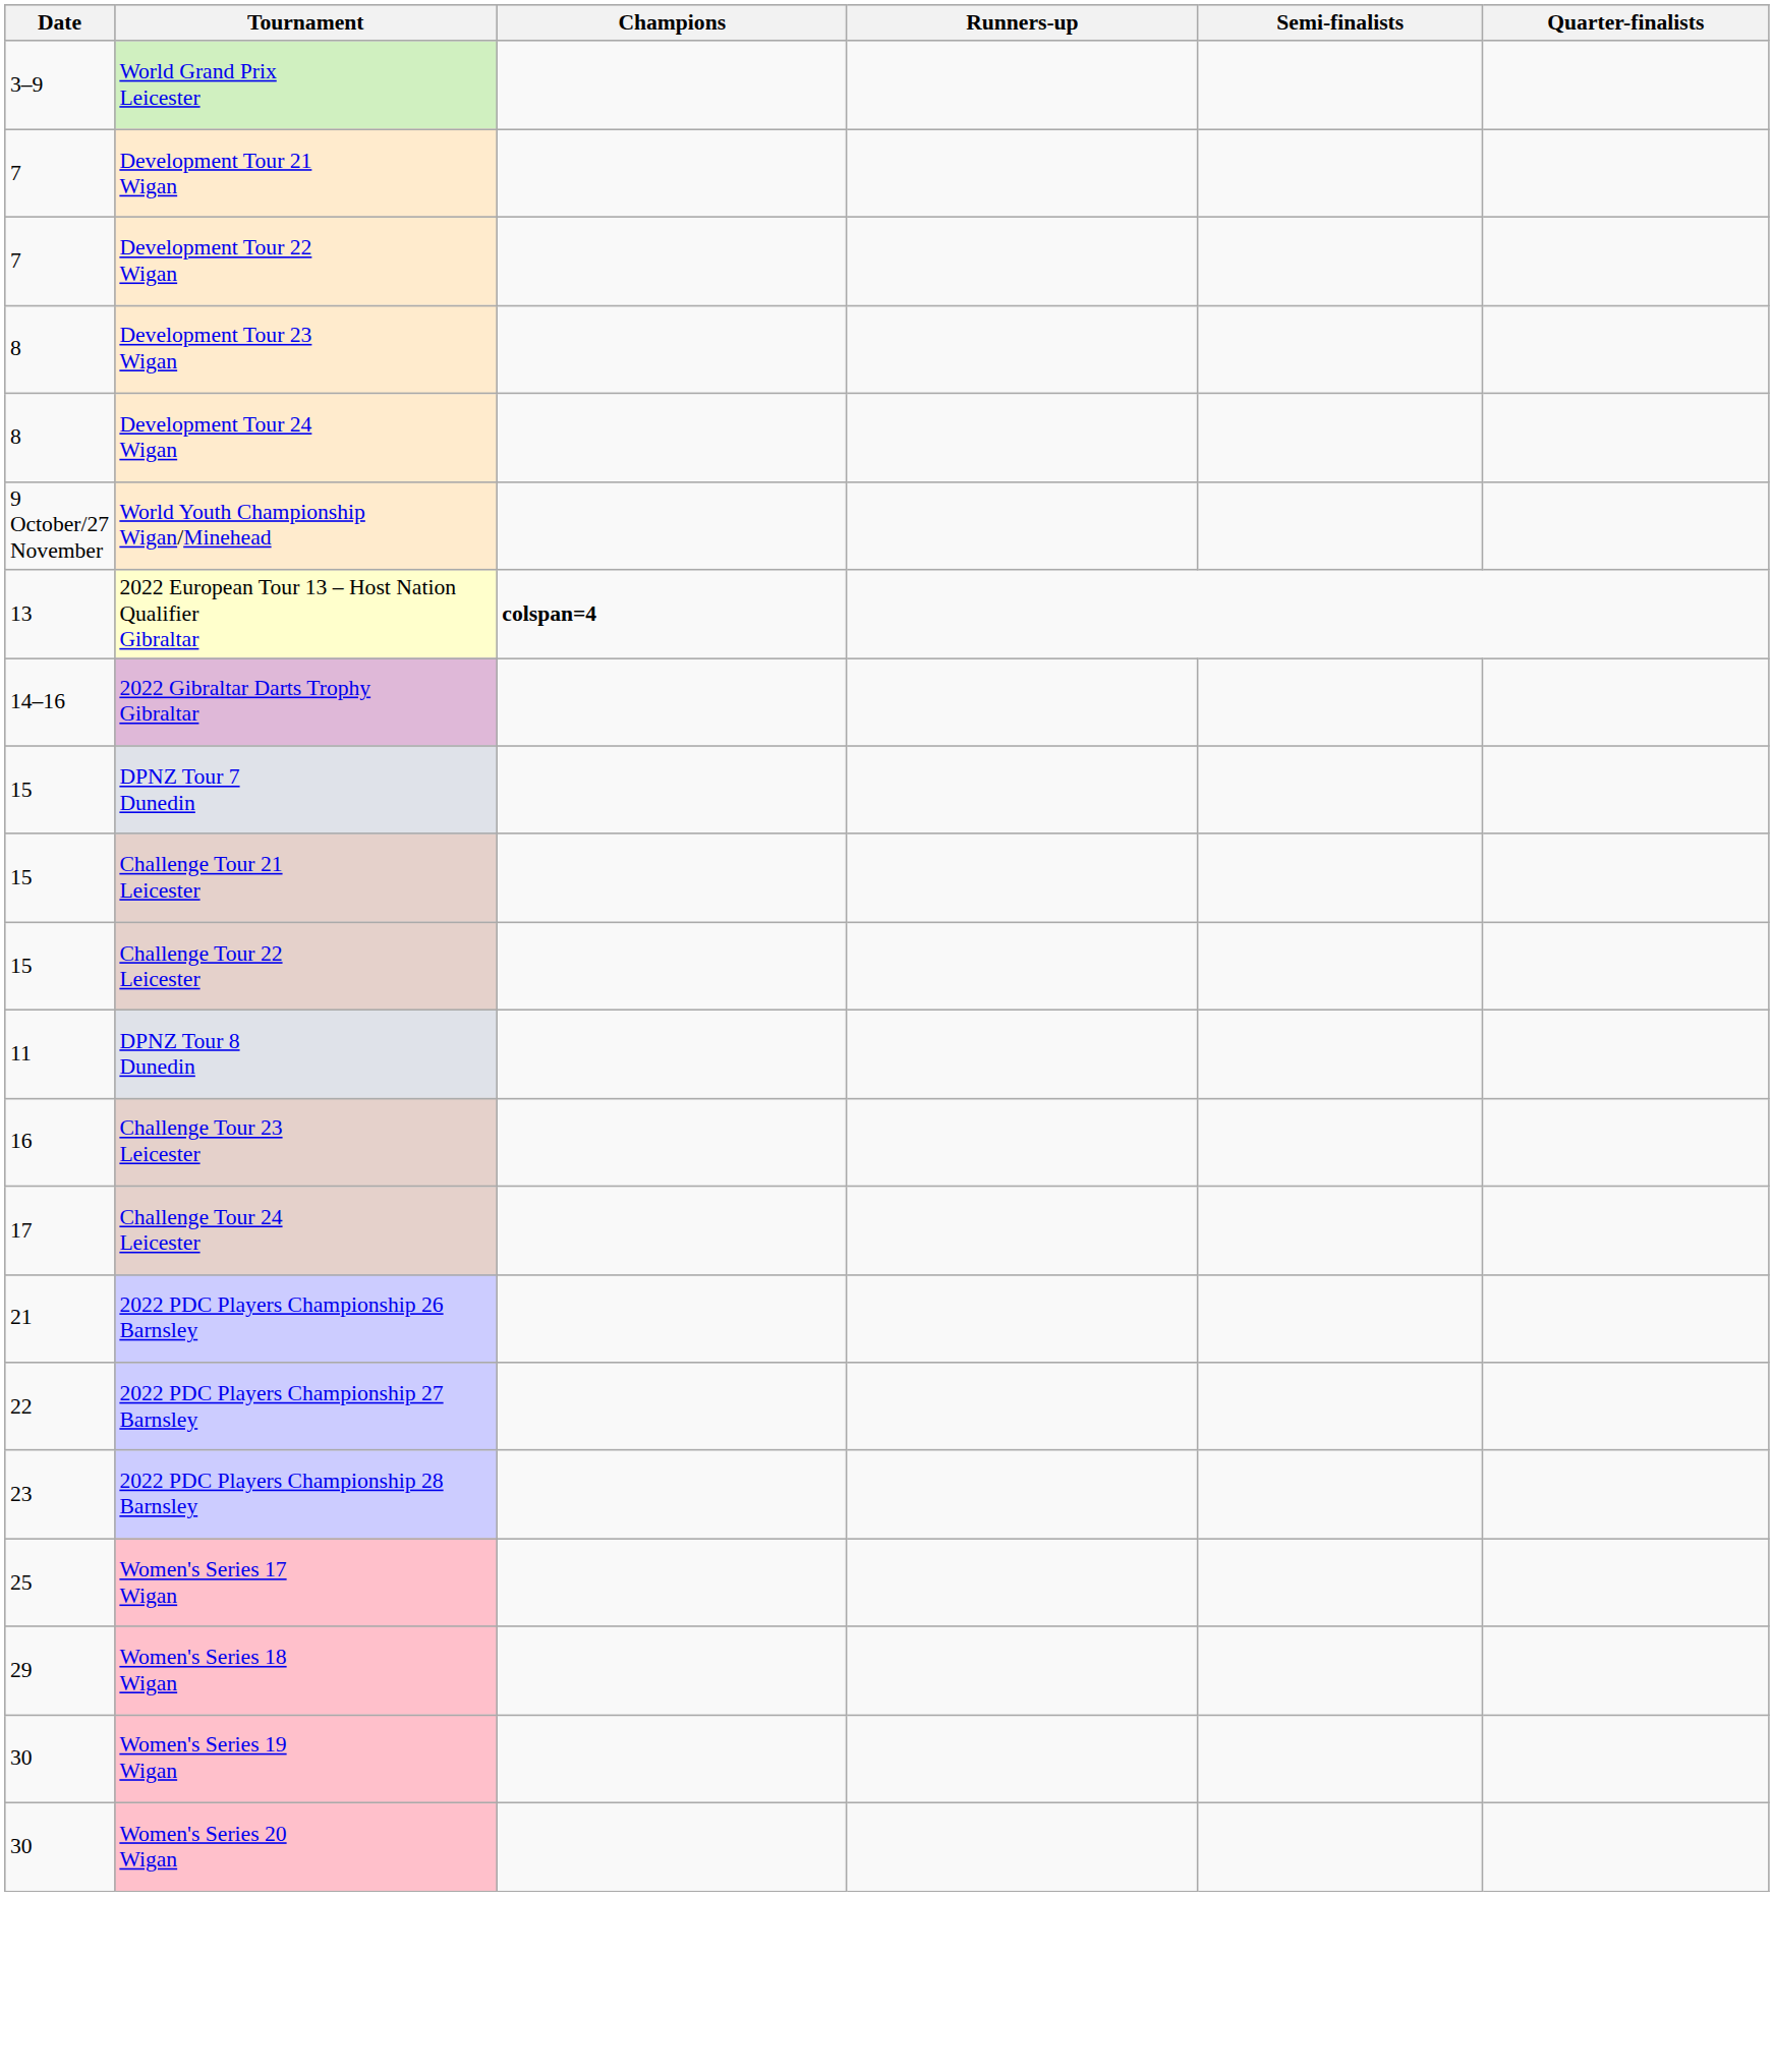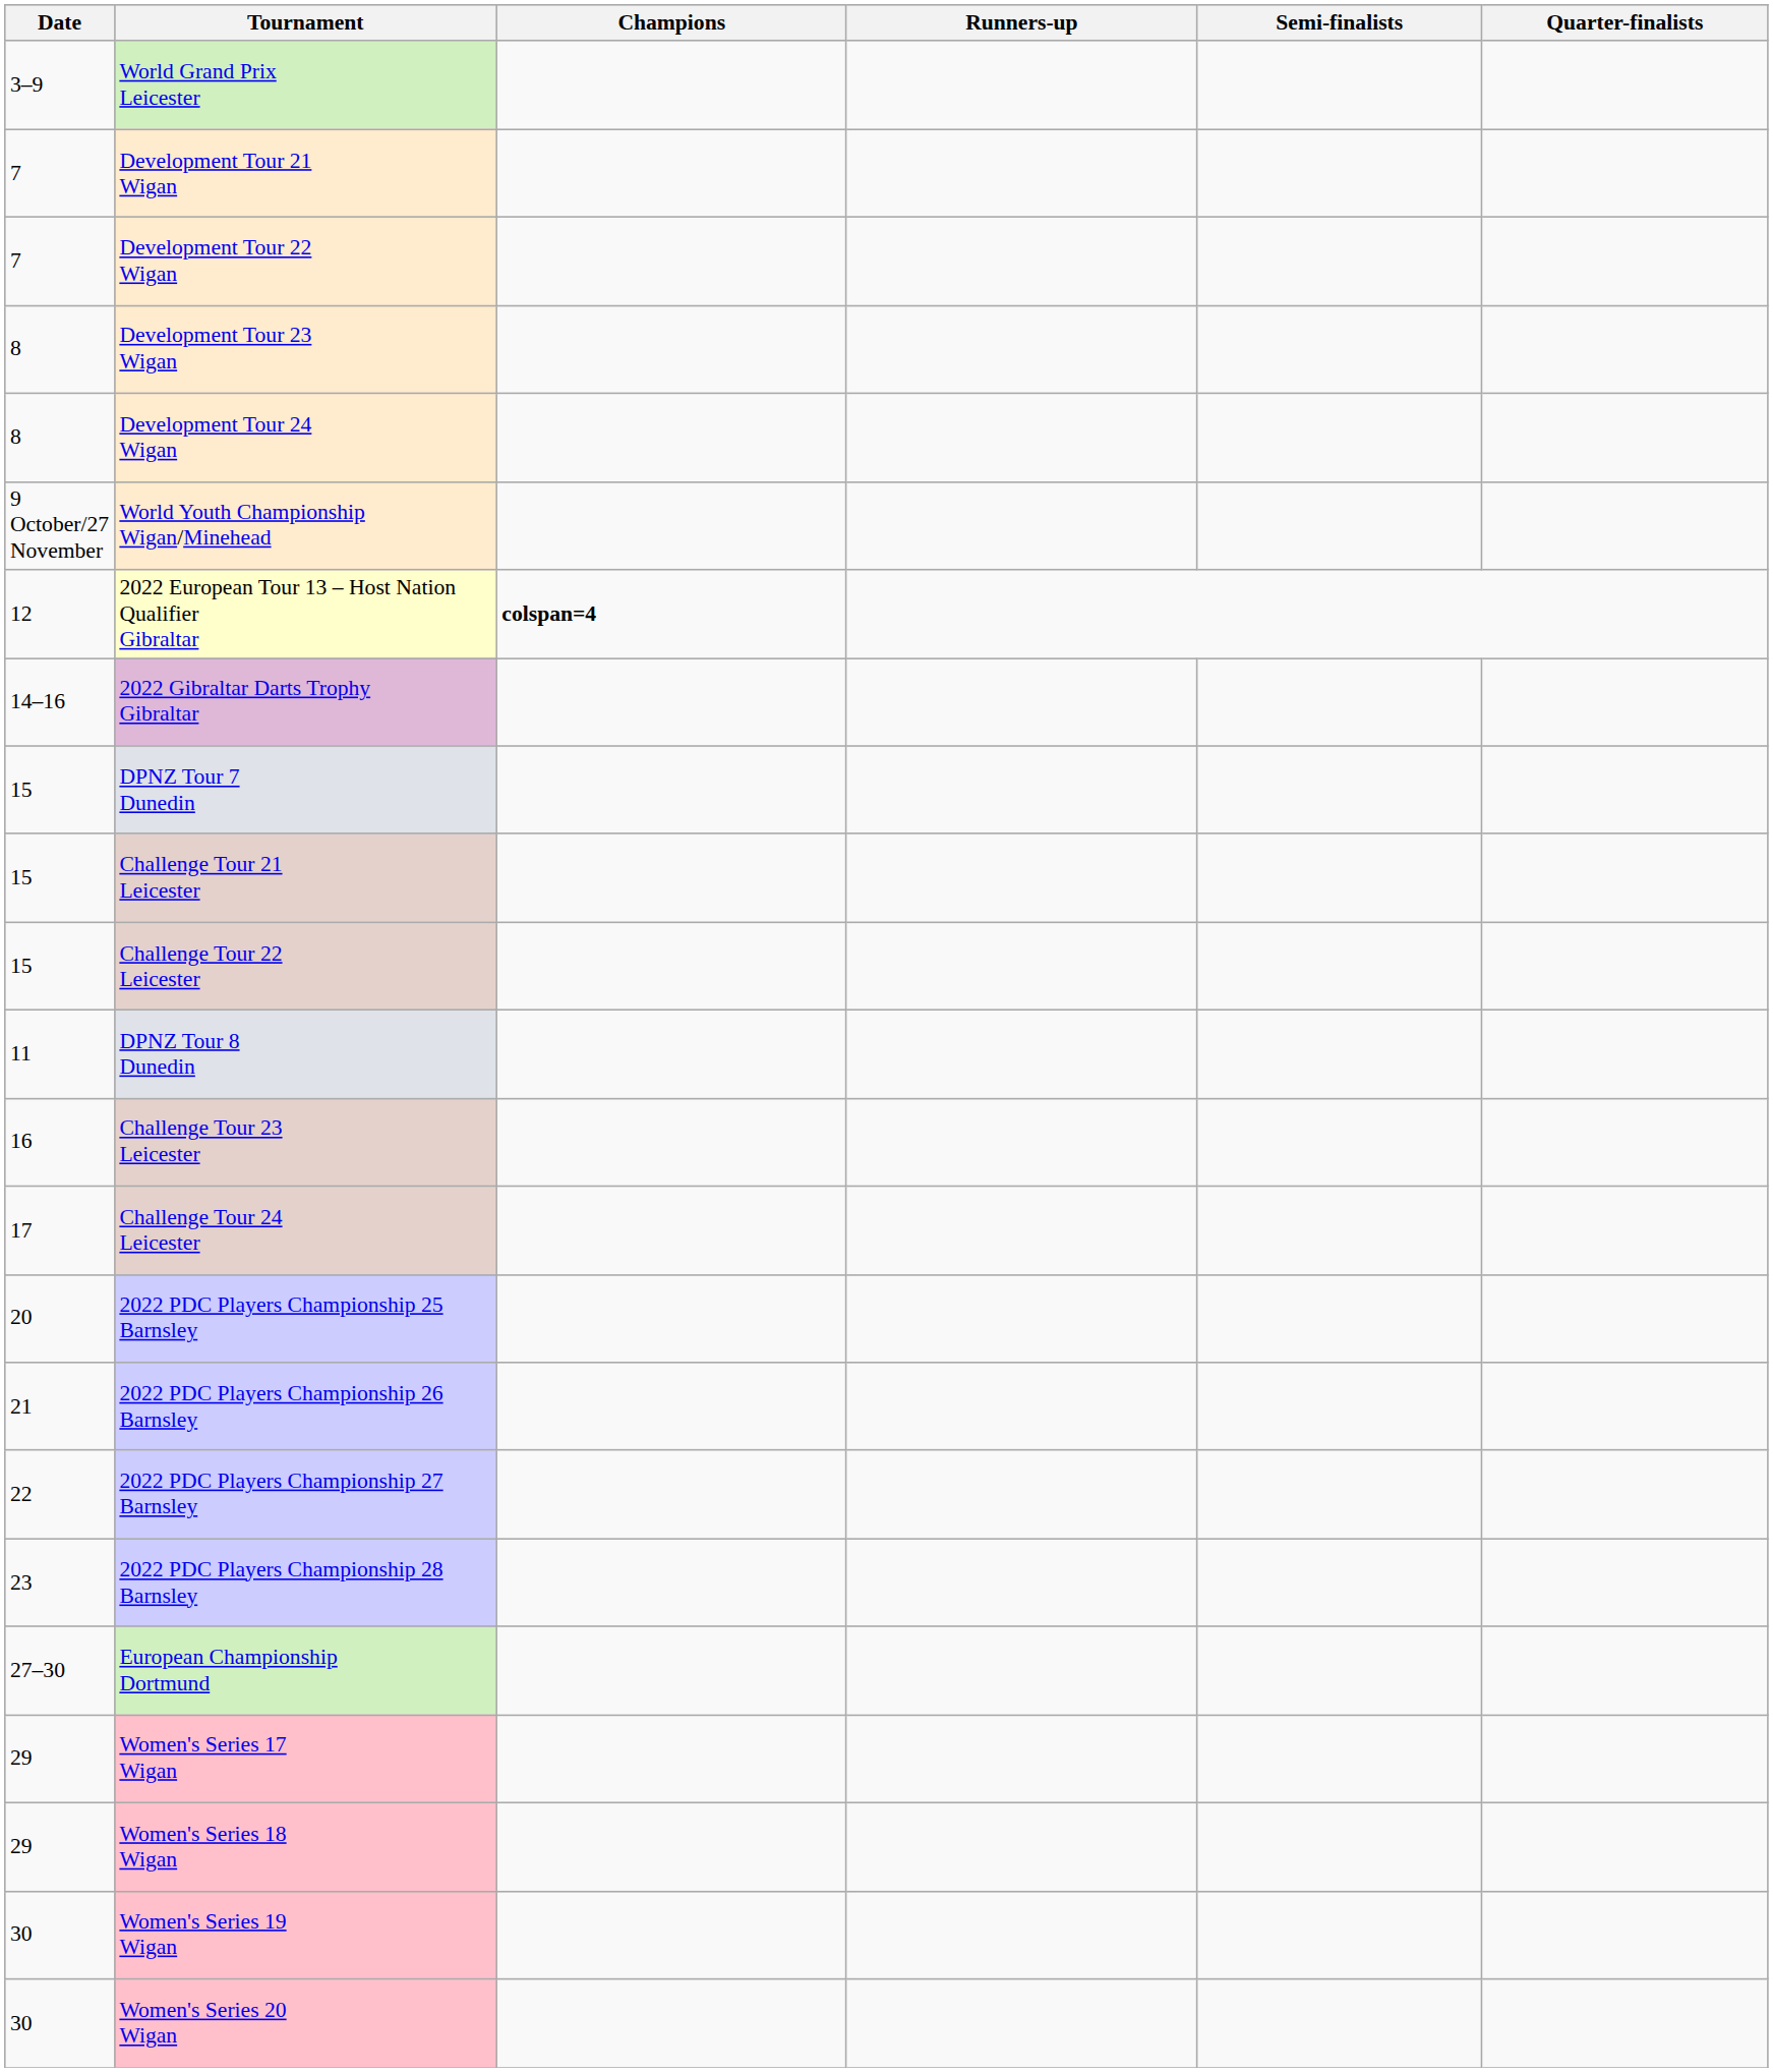 <table class=wikitable style=font-size:85%>
 <tr>
 <th width=50>Date</th>
 <th width=230>Tournament</th>
 <th width=210>Champions</th>
 <th width=210>Runners-up</th>
 <th width=170>Semi-finalists</th>
 <th width=170>Quarter-finalists</th>
 </tr>
 <tr>
 <td>3–9</td>
 <td bgcolor="#d0f0c0"><a href='#'>World Grand Prix</a> <br>  <a href='#'>Leicester</a></td>
 <td></td>
 <td></td>
 <td> <br> </td>
 <td> <br>  <br>  <br> </td>
 </tr>
 <tr>
 <td>7</td>
 <td bgcolor="#ffebcd"><a href='#'>Development Tour 21</a> <br>  <a href='#'>Wigan</a></td>
 <td></td>
 <td></td>
 <td> <br> </td>
 <td> <br>  <br>  <br> </td>
 </tr>
 <tr>
 <td>7</td>
 <td bgcolor="#ffebcd"><a href='#'>Development Tour 22</a> <br>  <a href='#'>Wigan</a></td>
 <td></td>
 <td></td>
 <td> <br> </td>
 <td> <br>  <br>  <br> </td>
 </tr>
 <tr>
 <td>8</td>
 <td bgcolor="#ffebcd"><a href='#'>Development Tour 23</a> <br>  <a href='#'>Wigan</a></td>
 <td></td>
 <td></td>
 <td> <br> </td>
 <td> <br>  <br>  <br> </td>
 </tr>
 <tr>
 <td>8</td>
 <td bgcolor="#ffebcd"><a href='#'>Development Tour 24</a> <br>  <a href='#'>Wigan</a></td>
 <td></td>
 <td></td>
 <td> <br> </td>
 <td> <br>  <br>  <br> </td>
 </tr>
 <tr>
 <td>9 October/27 November</td>
 <td bgcolor="#ffebcd"><a href='#'>World Youth Championship</a> <br>  <a href='#'>Wigan</a>/<a href='#'>Minehead</a></td>
 <td></td>
 <td></td>
 <td> <br> </td>
 <td> <br>  <br>  <br> </td>
 </tr>
 <tr>
-<td>13</td>
+<td>12</td>
 <td bgcolor="ffffcc">2022 European Tour 13 – Host Nation Qualifier <br> <a href='#'>Gibraltar</a></td>
 <td><strong>colspan=4 </strong></td>
 </tr>
 <tr>
 <td>14–16</td>
 <td bgcolor="#dfb8d8"><a href='#'>2022 Gibraltar Darts Trophy</a> <br>  <a href='#'>Gibraltar</a></td>
 <td></td>
 <td></td>
 <td> <br> </td>
 <td> <br>  <br>  <br> </td>
 </tr>
 <tr>
 <td>15</td>
 <td bgcolor="#dfe2e9"><a href='#'>DPNZ Tour 7</a> <br>  <a href='#'>Dunedin</a></td>
 <td></td>
 <td></td>
 <td> <br> </td>
 <td> <br>  <br>  <br> </td>
 </tr>
 <tr>
 <td>15</td>
 <td bgcolor="#e5d1cb"><a href='#'>Challenge Tour 21</a> <br>  <a href='#'>Leicester</a></td>
 <td></td>
 <td></td>
 <td> <br> </td>
 <td> <br>  <br>  <br> </td>
 </tr>
 <tr>
 <td>15</td>
 <td bgcolor="#e5d1cb"><a href='#'>Challenge Tour 22</a> <br>  <a href='#'>Leicester</a></td>
 <td></td>
 <td></td>
 <td> <br> </td>
 <td> <br>  <br>  <br> </td>
 </tr>
 <tr>
 <td>11</td>
 <td bgcolor="#dfe2e9"><a href='#'>DPNZ Tour 8</a> <br>  <a href='#'>Dunedin</a></td>
 <td></td>
 <td></td>
 <td> <br> </td>
 <td> <br>  <br>  <br> </td>
 </tr>
 <tr>
 <td>16</td>
 <td bgcolor="#e5d1cb"><a href='#'>Challenge Tour 23</a> <br>  <a href='#'>Leicester</a></td>
 <td></td>
 <td></td>
 <td> <br> </td>
 <td> <br>  <br>  <br> </td>
 </tr>
 <tr>
 <td>17</td>
 <td bgcolor="#e5d1cb"><a href='#'>Challenge Tour 24</a> <br>  <a href='#'>Leicester</a></td>
 <td></td>
 <td></td>
 <td> <br> </td>
 <td> <br>  <br>  <br> </td>
 </tr>
 <tr>
+<td>20</td>
+<td bgcolor="#ccccff"><a href='#'>2022 PDC Players Championship 25</a> <br>  <a href='#'>Barnsley</a></td>
+<td></td>
+<td></td>
+<td> <br> </td>
+<td> <br>  <br>  <br> </td>
+</tr>
+<tr>
 <td>21</td>
 <td bgcolor="#ccccff"><a href='#'>2022 PDC Players Championship 26</a> <br>  <a href='#'>Barnsley</a></td>
 <td></td>
 <td></td>
 <td> <br> </td>
 <td> <br>  <br>  <br> </td>
 </tr>
 <tr>
 <td>22</td>
 <td bgcolor="#ccccff"><a href='#'>2022 PDC Players Championship 27</a> <br>  <a href='#'>Barnsley</a></td>
 <td></td>
 <td></td>
 <td> <br> </td>
 <td> <br>  <br>  <br> </td>
 </tr>
 <tr>
 <td>23</td>
 <td bgcolor="#ccccff"><a href='#'>2022 PDC Players Championship 28</a> <br>  <a href='#'>Barnsley</a></td>
 <td></td>
 <td></td>
 <td> <br> </td>
 <td> <br>  <br>  <br> </td>
 </tr>
 <tr>
-<td>25</td>
+<td>27–30</td>
+<td bgcolor="#d0f0c0"><a href='#'>European Championship</a> <br>  <a href='#'>Dortmund</a></td>
+<td></td>
+<td></td>
+<td> <br> </td>
+<td> <br>  <br>  <br> </td>
+</tr>
+<tr>
+<td>29</td>
 <td bgcolor="#ffc0cb"><a href='#'>Women's Series 17</a> <br>  <a href='#'>Wigan</a></td>
 <td></td>
 <td></td>
 <td> <br> </td>
 <td> <br>  <br>  <br> </td>
 </tr>
 <tr>
 <td>29</td>
 <td bgcolor="#ffc0cb"><a href='#'>Women's Series 18</a> <br>  <a href='#'>Wigan</a></td>
 <td></td>
 <td></td>
 <td> <br> </td>
 <td> <br>  <br>  <br> </td>
 </tr>
 <tr>
 <td>30</td>
 <td bgcolor="#ffc0cb"><a href='#'>Women's Series 19</a> <br>  <a href='#'>Wigan</a></td>
 <td></td>
 <td></td>
 <td> <br> </td>
 <td> <br>  <br>  <br> </td>
 </tr>
 <tr>
 <td>30</td>
 <td bgcolor="#ffc0cb"><a href='#'>Women's Series 20</a> <br>  <a href='#'>Wigan</a></td>
 <td></td>
 <td></td>
 <td> <br> </td>
 <td> <br>  <br>  <br> </td>
 </tr>
 </table>
